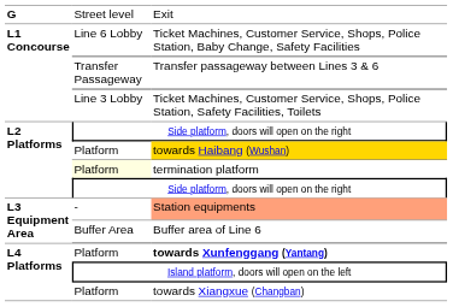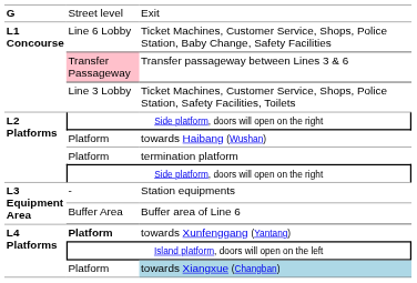 <table table border=0 cellspacing=0 cellpadding=3>
 <tr>
 <td style="border-top:solid 1px gray;" width=50 valign=top><strong>G</strong></td>
 <td style="border-top:solid 1px gray;" width=100 valign=top>Street level</td>
 <td style="border-top:solid 1px gray;" width=390 valign=top>Exit</td>
 </tr>
 <tr>
 <td style="border-bottom:solid 1px gray; border-top:solid 1px gray;" valign=top rowspan=3><strong>L1<br>Concourse</strong></td>
 <td style="border-bottom:solid 1px gray; border-top:solid 1px gray;" valign=top>Line 6 Lobby</td>
 <td style="border-bottom:solid 1px gray; border-top:solid 1px gray;" valign=top>Ticket Machines, Customer Service, Shops, Police Station, Baby Change, Safety Facilities</td>
 </tr>
 <tr>
-<td style="border-bottom:solid 1px gray; border-top:solid 1px gray;" valign=top>Transfer Passageway</td>
+<td style="background: pink; border-bottom:solid 1px gray; border-top:solid 1px gray;" valign=top>Transfer Passageway</td>
 <td style="border-bottom:solid 1px gray; border-top:solid 1px gray;" valign=top>Transfer passageway between Lines 3 & 6</td>
 </tr>
 <tr>
 <td style="border-bottom:solid 1px gray; border-top:solid 1px gray;" valign=top>Line 3 Lobby</td>
 <td style="border-bottom:solid 1px gray; border-top:solid 1px gray;" valign=top>Ticket Machines, Customer Service, Shops, Police Station, Safety Facilities, Toilets</td>
 </tr>
 <tr>
 <td style="border-bottom:solid 1px gray;" rowspan=4 valign=top><strong>L2<br>Platforms</strong></td>
 <td style="border-right:solid 2px black;border-left:solid 2px black;border-bottom:solid 2px black;text-align:center;" colspan=2><small><a href='#'>Side platform</a>, doors will open on the right</small></td>
 </tr>
 <tr>
 <td style="border-bottom:solid 1px gray;" width=100>Platform </td>
-<td style="background: gold; border-bottom:solid 1px gray;" width=390>  towards <a href='#'>Haibang</a> <small>(<a href='#'>Wushan</a>)</small></td>
+<td style="border-bottom:solid 1px gray;" width=390>  towards <a href='#'>Haibang</a> <small>(<a href='#'>Wushan</a>)</small></td>
 </tr>
 <tr>
-<td style="background: lightyellow;">Platform </td>
+<td>Platform </td>
 <td><span></span>  termination platform</td>
 </tr>
 <tr>
 <td style="border-top:solid 2px black;border-right:solid 2px black;border-left:solid 2px black;border-bottom:solid 1px gray;text-align:center;" colspan=2><small><a href='#'>Side platform</a>, doors will open on the right</small></td>
 </tr>
 <tr>
 <td valign=top rowspan=2><strong>L3<br>Equipment Area</strong></td>
 <td valign=top>-</td>
-<td valign=top style="background: lightsalmon;">Station equipments</td>
+<td valign=top>Station equipments</td>
 </tr>
 <tr>
 <td style="border-bottom:solid 1px gray; border-top:solid 1px gray;" valign=top>Buffer Area</td>
 <td style="border-bottom:solid 1px gray; border-top:solid 1px gray;" valign=top>Buffer area of Line 6</td>
 </tr>
 <tr>
 <td style="border-bottom:solid 1px gray; border-top:solid 1px gray;" valign=top rowspan=3><strong>L4<br>Platforms</strong></td>
-<td style="border-top:solid 1px gray;">Platform </td>
-<td style="border-top:solid 1px gray;"><strong>  towards <a href='#'>Xunfenggang</a> <small>(<a href='#'>Yantang</a>)</small></strong></td>
+<td style="border-top:solid 1px gray;"><strong>Platform </strong></td>
+<td style="border-top:solid 1px gray;">  towards <a href='#'>Xunfenggang</a> <small>(<a href='#'>Yantang</a>)</small></td>
 </tr>
 <tr>
 <td style="border-top:solid 2px black;border-right:solid 2px black;border-left:solid 2px black;border-bottom:solid 2px black;text-align:center;" colspan=2><small><a href='#'>Island platform</a>, doors will open on the left</small></td>
 </tr>
 <tr>
 <td style="border-bottom:solid 1px gray;">Platform </td>
-<td style="border-bottom:solid 1px gray;"><span></span>  towards <a href='#'>Xiangxue</a> <small>(<a href='#'>Changban</a>)</small> </td>
+<td style="background: lightblue; border-bottom:solid 1px gray;"><span></span>  towards <a href='#'>Xiangxue</a> <small>(<a href='#'>Changban</a>)</small> </td>
 </tr>
 </table>
